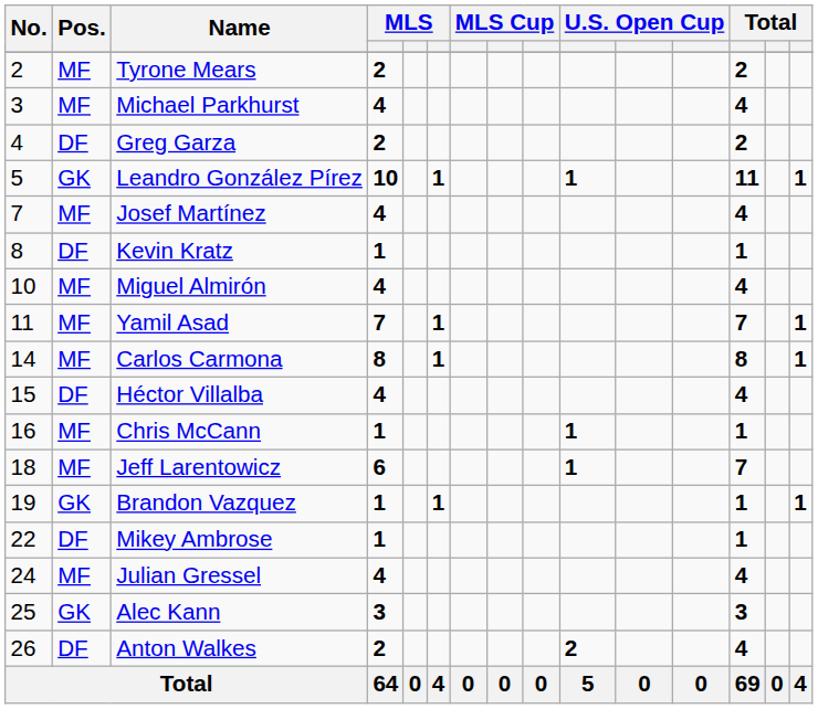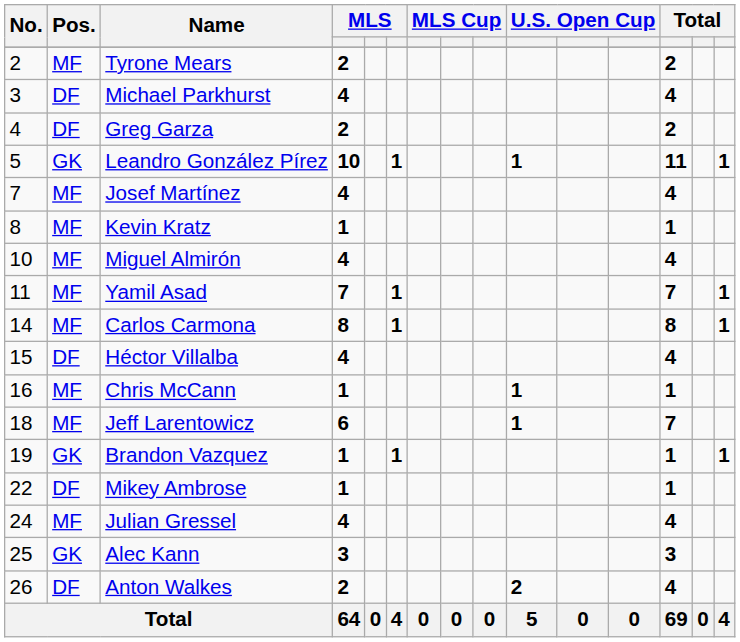 <table class="wikitable sortable" style="90% text-align: center">
 <tr>
 <th rowspan="2">No.</th>
 <th rowspan="2">Pos.</th>
 <th rowspan="2">Name</th>
 <th colspan="3"><a href='#'>MLS</a></th>
 <th colspan="3"><a href='#'>MLS Cup</a></th>
 <th colspan="3"><a href='#'>U.S. Open Cup</a></th>
 <th colspan="3"><strong>Total</strong></th>
 </tr>
 <tr>
 <th></th>
 <th></th>
 <th></th>
 <th></th>
 <th></th>
 <th></th>
 <th></th>
 <th></th>
 <th></th>
 <th></th>
 <th></th>
 <th></th>
 </tr>
 <tr>
 </tr>
 <tr>
 <td>2</td>
 <td><a href='#'>MF</a></td>
 <td><a href='#'>Tyrone Mears</a></td>
 <td><strong>2</strong></td>
 <td><strong> </strong></td>
 <td><strong> </strong></td>
 <td><strong> </strong></td>
 <td><strong> </strong></td>
 <td><strong> </strong></td>
 <td><strong> </strong></td>
 <td><strong> </strong></td>
 <td><strong> </strong></td>
 <td><strong>2</strong></td>
 <td><strong> </strong></td>
 <td><strong> </strong></td>
 </tr>
 <tr>
 <td>3</td>
-<td><a href='#'>MF</a></td>
+<td><a href='#'>DF</a></td>
 <td><a href='#'>Michael Parkhurst</a></td>
 <td><strong>4</strong></td>
 <td><strong> </strong></td>
 <td><strong> </strong></td>
 <td><strong> </strong></td>
 <td><strong> </strong></td>
 <td><strong> </strong></td>
 <td><strong> </strong></td>
 <td><strong> </strong></td>
 <td><strong> </strong></td>
 <td><strong>4</strong></td>
 <td><strong> </strong></td>
 <td><strong> </strong></td>
 </tr>
 <tr>
 <td>4</td>
 <td><a href='#'>DF</a></td>
 <td><a href='#'>Greg Garza</a></td>
 <td><strong>2</strong></td>
 <td><strong> </strong></td>
 <td><strong> </strong></td>
 <td><strong> </strong></td>
 <td><strong> </strong></td>
 <td><strong> </strong></td>
 <td><strong> </strong></td>
 <td><strong> </strong></td>
 <td><strong> </strong></td>
 <td><strong>2</strong></td>
 <td><strong> </strong></td>
 <td><strong> </strong></td>
 </tr>
 <tr>
 <td>5</td>
 <td><a href='#'>GK</a></td>
 <td><a href='#'>Leandro González Pírez</a></td>
 <td><strong>10</strong></td>
 <td><strong> </strong></td>
 <td><strong>1</strong></td>
 <td><strong> </strong></td>
 <td><strong> </strong></td>
 <td><strong> </strong></td>
 <td><strong>1</strong></td>
 <td><strong> </strong></td>
 <td><strong> </strong></td>
 <td><strong>11</strong></td>
 <td><strong> </strong></td>
 <td><strong>1</strong></td>
 </tr>
 <tr>
 <td>7</td>
 <td><a href='#'>MF</a></td>
 <td><a href='#'>Josef Martínez</a></td>
 <td><strong>4</strong></td>
 <td><strong> </strong></td>
 <td><strong> </strong></td>
 <td><strong> </strong></td>
 <td><strong> </strong></td>
 <td><strong> </strong></td>
 <td><strong> </strong></td>
 <td><strong> </strong></td>
 <td><strong> </strong></td>
 <td><strong>4</strong></td>
 <td><strong> </strong></td>
 <td><strong> </strong></td>
 </tr>
 <tr>
 <td>8</td>
-<td><a href='#'>DF</a></td>
+<td><a href='#'>MF</a></td>
 <td><a href='#'>Kevin Kratz</a></td>
 <td><strong>1</strong></td>
 <td><strong> </strong></td>
 <td><strong> </strong></td>
 <td><strong> </strong></td>
 <td><strong> </strong></td>
 <td><strong> </strong></td>
 <td><strong> </strong></td>
 <td><strong> </strong></td>
 <td><strong> </strong></td>
 <td><strong>1</strong></td>
 <td><strong> </strong></td>
 <td><strong> </strong></td>
 </tr>
 <tr>
 <td>10</td>
 <td><a href='#'>MF</a></td>
 <td><a href='#'>Miguel Almirón</a></td>
 <td><strong>4</strong></td>
 <td><strong> </strong></td>
 <td><strong> </strong></td>
 <td><strong> </strong></td>
 <td><strong> </strong></td>
 <td><strong> </strong></td>
 <td><strong> </strong></td>
 <td><strong> </strong></td>
 <td><strong> </strong></td>
 <td><strong>4</strong></td>
 <td><strong> </strong></td>
 <td><strong> </strong></td>
 </tr>
 <tr>
 <td>11</td>
 <td><a href='#'>MF</a></td>
 <td><a href='#'>Yamil Asad</a></td>
 <td><strong>7</strong></td>
 <td><strong> </strong></td>
 <td><strong>1</strong></td>
 <td><strong> </strong></td>
 <td><strong> </strong></td>
 <td><strong> </strong></td>
 <td><strong> </strong></td>
 <td><strong> </strong></td>
 <td><strong> </strong></td>
 <td><strong>7</strong></td>
 <td><strong> </strong></td>
 <td><strong>1</strong></td>
 </tr>
 <tr>
 <td>14</td>
 <td><a href='#'>MF</a></td>
 <td><a href='#'>Carlos Carmona</a></td>
 <td><strong>8</strong></td>
 <td><strong> </strong></td>
 <td><strong>1</strong></td>
 <td><strong> </strong></td>
 <td><strong> </strong></td>
 <td><strong> </strong></td>
 <td><strong> </strong></td>
 <td><strong> </strong></td>
 <td><strong> </strong></td>
 <td><strong>8</strong></td>
 <td><strong> </strong></td>
 <td><strong>1</strong></td>
 </tr>
 <tr>
 <td>15</td>
 <td><a href='#'>DF</a></td>
 <td><a href='#'>Héctor Villalba</a></td>
 <td><strong>4</strong></td>
 <td><strong> </strong></td>
 <td><strong> </strong></td>
 <td><strong> </strong></td>
 <td><strong> </strong></td>
 <td><strong> </strong></td>
 <td><strong> </strong></td>
 <td><strong> </strong></td>
 <td><strong> </strong></td>
 <td><strong>4</strong></td>
 <td><strong> </strong></td>
 <td><strong> </strong></td>
 </tr>
 <tr>
 <td>16</td>
 <td><a href='#'>MF</a></td>
 <td><a href='#'>Chris McCann</a></td>
 <td><strong>1</strong></td>
 <td><strong> </strong></td>
 <td><strong> </strong></td>
 <td><strong> </strong></td>
 <td><strong> </strong></td>
 <td><strong> </strong></td>
 <td><strong>1</strong></td>
 <td><strong> </strong></td>
 <td><strong> </strong></td>
 <td><strong>1</strong></td>
 <td><strong> </strong></td>
 <td><strong> </strong></td>
 </tr>
 <tr>
 <td>18</td>
 <td><a href='#'>MF</a></td>
 <td><a href='#'>Jeff Larentowicz</a></td>
 <td><strong>6</strong></td>
 <td><strong> </strong></td>
 <td><strong> </strong></td>
 <td><strong> </strong></td>
 <td><strong> </strong></td>
 <td><strong> </strong></td>
 <td><strong>1</strong></td>
 <td><strong> </strong></td>
 <td><strong> </strong></td>
 <td><strong>7</strong></td>
 <td><strong> </strong></td>
 <td><strong> </strong></td>
 </tr>
 <tr>
 <td>19</td>
 <td><a href='#'>GK</a></td>
 <td><a href='#'>Brandon Vazquez</a></td>
 <td><strong>1</strong></td>
 <td><strong> </strong></td>
 <td><strong>1</strong></td>
 <td><strong> </strong></td>
 <td><strong> </strong></td>
 <td><strong> </strong></td>
 <td><strong> </strong></td>
 <td><strong> </strong></td>
 <td><strong> </strong></td>
 <td><strong>1</strong></td>
 <td><strong> </strong></td>
 <td><strong>1</strong></td>
 </tr>
 <tr>
 <td>22</td>
 <td><a href='#'>DF</a></td>
 <td><a href='#'>Mikey Ambrose</a></td>
 <td><strong>1</strong></td>
 <td><strong> </strong></td>
 <td><strong> </strong></td>
 <td><strong> </strong></td>
 <td><strong> </strong></td>
 <td><strong> </strong></td>
 <td><strong> </strong></td>
 <td><strong> </strong></td>
 <td><strong> </strong></td>
 <td><strong>1</strong></td>
 <td><strong> </strong></td>
 <td><strong> </strong></td>
 </tr>
 <tr>
 <td>24</td>
 <td><a href='#'>MF</a></td>
 <td><a href='#'>Julian Gressel</a></td>
 <td><strong>4</strong></td>
 <td><strong> </strong></td>
 <td><strong> </strong></td>
 <td><strong> </strong></td>
 <td><strong> </strong></td>
 <td><strong> </strong></td>
 <td><strong> </strong></td>
 <td><strong> </strong></td>
 <td><strong> </strong></td>
 <td><strong>4</strong></td>
 <td><strong> </strong></td>
 <td><strong> </strong></td>
 </tr>
 <tr>
 <td>25</td>
 <td><a href='#'>GK</a></td>
 <td><a href='#'>Alec Kann</a></td>
 <td><strong>3</strong></td>
 <td><strong> </strong></td>
 <td><strong> </strong></td>
 <td><strong> </strong></td>
 <td><strong> </strong></td>
 <td><strong> </strong></td>
 <td><strong> </strong></td>
 <td><strong> </strong></td>
 <td><strong> </strong></td>
 <td><strong>3</strong></td>
 <td><strong> </strong></td>
 <td><strong> </strong></td>
 </tr>
 <tr>
 <td>26</td>
 <td><a href='#'>DF</a></td>
 <td><a href='#'>Anton Walkes</a></td>
 <td><strong>2</strong></td>
 <td><strong> </strong></td>
 <td><strong> </strong></td>
 <td><strong> </strong></td>
 <td><strong> </strong></td>
 <td><strong> </strong></td>
 <td><strong>2</strong></td>
 <td><strong> </strong></td>
 <td><strong> </strong></td>
 <td><strong>4</strong></td>
 <td><strong> </strong></td>
 <td><strong> </strong></td>
 </tr>
 <tr>
 <th colspan=3>Total</th>
 <th>64</th>
 <th>0</th>
 <th>4</th>
 <th>0</th>
 <th>0</th>
 <th>0</th>
 <th>5</th>
 <th>0</th>
 <th>0</th>
 <th>69</th>
 <th>0</th>
 <th>4</th>
 </tr>
 </table>
